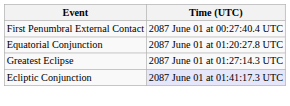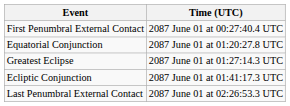 <table class="wikitable">
 <tr>
 <th>Event</th>
 <th>Time (UTC)</th>
 </tr>
 <tr>
 <td>First Penumbral External Contact</td>
 <td>2087 June 01 at 00:27:40.4 UTC</td>
 </tr>
 <tr>
 <td>Equatorial Conjunction</td>
 <td>2087 June 01 at 01:20:27.8 UTC</td>
 </tr>
 <tr>
 <td>Greatest Eclipse</td>
 <td>2087 June 01 at 01:27:14.3 UTC</td>
 </tr>
 <tr>
 <td>Ecliptic Conjunction</td>
-<td style="background: lavender;">2087 June 01 at 01:41:17.3 UTC</td>
+<td>2087 June 01 at 01:41:17.3 UTC</td>
+</tr>
+<tr>
+<td>Last Penumbral External Contact</td>
+<td>2087 June 01 at 02:26:53.3 UTC</td>
 </tr>
 </table>
